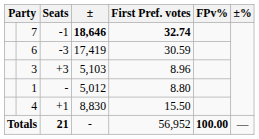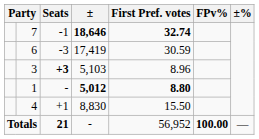 <table class=wikitable>
 <tr>
 <th colspan=2 align=center>Party</th>
 <th valign=top>Seats</th>
 <th valign=top>±</th>
 <th valign=top>First Pref. votes</th>
 <th valign=top>FPv%</th>
 <th valign=top>±%</th>
 </tr>
 <tr>
 <td></td>
 <td align=right>7</td>
 <td align=right>-1</td>
 <td align=right><strong>18,646</strong></td>
 <td align=right><strong>32.74</strong></td>
 <td align=right></td>
 </tr>
 <tr>
 <td></td>
 <td align=right>6</td>
 <td align=right>-3</td>
 <td align=right>17,419</td>
 <td align=right>30.59</td>
 <td align=right></td>
 </tr>
 <tr>
 <td></td>
 <td align=right>3</td>
-<td align=right>+3</td>
+<td align=right><strong>+3</strong></td>
 <td align=right>5,103</td>
 <td align=right>8.96</td>
 <td align=right></td>
 </tr>
 <tr>
 <td></td>
 <td align=right>1</td>
 <td align=right>-</td>
-<td align=right>5,012</td>
-<td align=right>8.80</td>
+<td align=right><strong>5,012</strong></td>
+<td align=right><strong>8.80</strong></td>
 <td align=right></td>
 </tr>
 <tr>
 <td></td>
 <td align=right>4</td>
 <td align=right>+1</td>
 <td align=right>8,830</td>
 <td align=right>15.50</td>
 <td align=right></td>
 </tr>
 <tr>
 <td colspan=2 align=center><strong>Totals</strong></td>
 <td align=right><strong>21</strong></td>
 <td align=center>-</td>
 <td align=right>56,952</td>
 <td align=center><strong>100.00</strong></td>
 <td align=center>—</td>
 </tr>
 </table>
